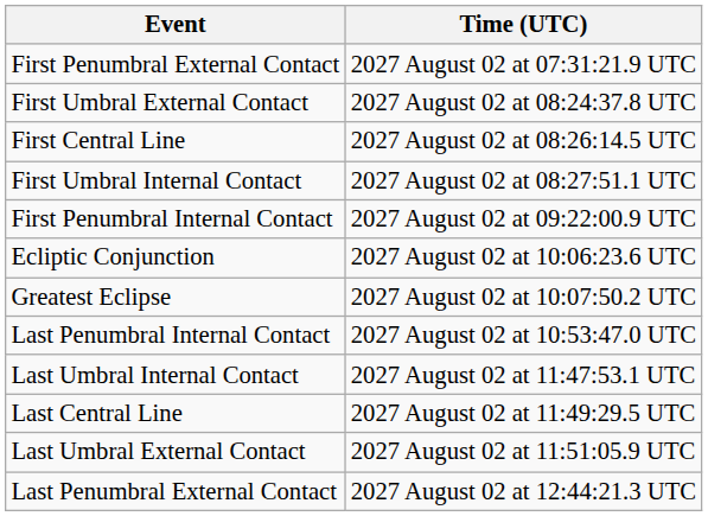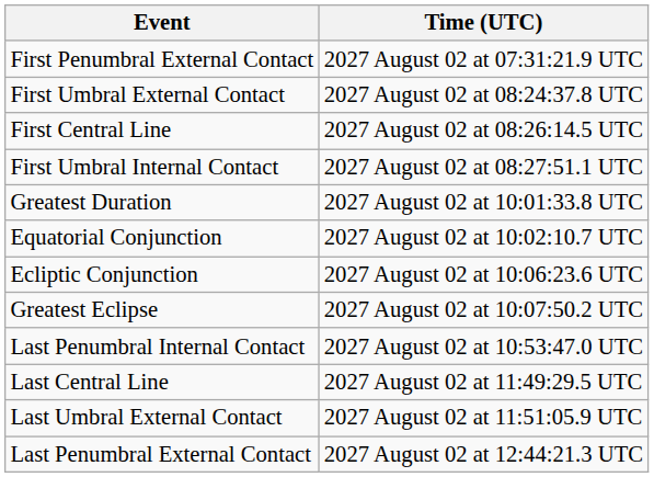 <table class="wikitable">
 <tr>
 <th>Event</th>
 <th>Time (UTC)</th>
 </tr>
 <tr>
 <td>First Penumbral External Contact</td>
 <td>2027 August 02 at 07:31:21.9 UTC</td>
 </tr>
 <tr>
 <td>First Umbral External Contact</td>
 <td>2027 August 02 at 08:24:37.8 UTC</td>
 </tr>
 <tr>
 <td>First Central Line</td>
 <td>2027 August 02 at 08:26:14.5 UTC</td>
 </tr>
 <tr>
 <td>First Umbral Internal Contact</td>
 <td>2027 August 02 at 08:27:51.1 UTC</td>
 </tr>
 <tr>
-<td>First Penumbral Internal Contact</td>
-<td>2027 August 02 at 09:22:00.9 UTC</td>
+<td>Greatest Duration</td>
+<td>2027 August 02 at 10:01:33.8 UTC</td>
+</tr>
+<tr>
+<td>Equatorial Conjunction</td>
+<td>2027 August 02 at 10:02:10.7 UTC</td>
 </tr>
 <tr>
 <td>Ecliptic Conjunction</td>
 <td>2027 August 02 at 10:06:23.6 UTC</td>
 </tr>
 <tr>
 <td>Greatest Eclipse</td>
 <td>2027 August 02 at 10:07:50.2 UTC</td>
 </tr>
 <tr>
 <td>Last Penumbral Internal Contact</td>
 <td>2027 August 02 at 10:53:47.0 UTC</td>
 </tr>
 <tr>
-<td>Last Umbral Internal Contact</td>
-<td>2027 August 02 at 11:47:53.1 UTC</td>
-</tr>
-<tr>
 <td>Last Central Line</td>
 <td>2027 August 02 at 11:49:29.5 UTC</td>
 </tr>
 <tr>
 <td>Last Umbral External Contact</td>
 <td>2027 August 02 at 11:51:05.9 UTC</td>
 </tr>
 <tr>
 <td>Last Penumbral External Contact</td>
 <td>2027 August 02 at 12:44:21.3 UTC</td>
 </tr>
 </table>
